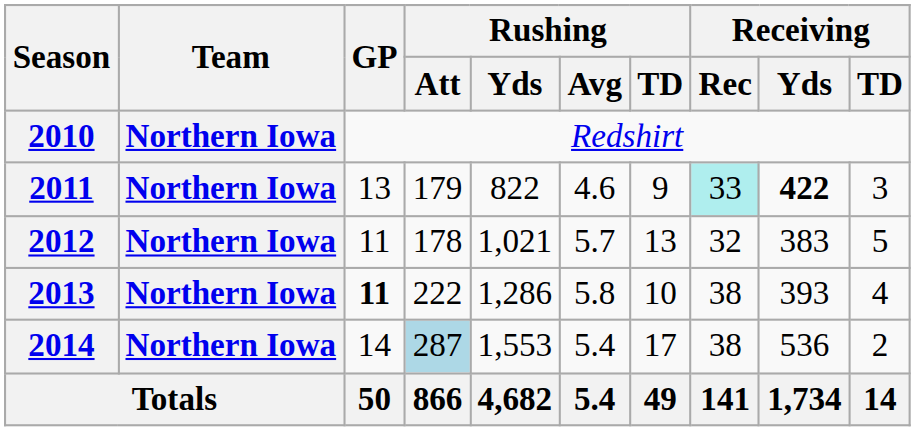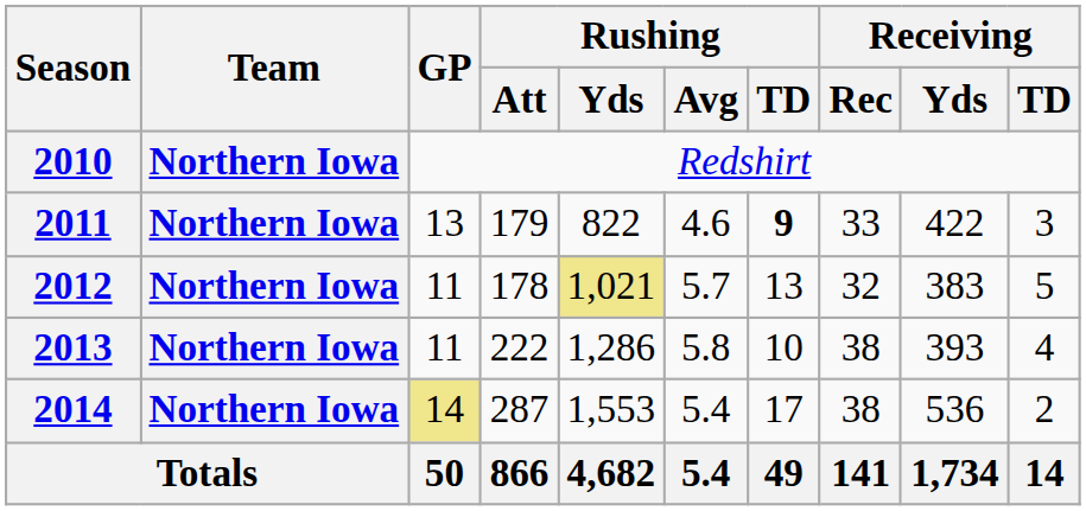 <table class="wikitable" style="text-align:center;">
 <tr>
 <th rowspan="2">Season</th>
 <th rowspan="2">Team</th>
 <th rowspan="2">GP</th>
 <th colspan="4">Rushing</th>
 <th colspan="3">Receiving</th>
 </tr>
 <tr>
 <th>Att</th>
 <th>Yds</th>
 <th>Avg</th>
 <th>TD</th>
 <th>Rec</th>
 <th>Yds</th>
 <th>TD</th>
 </tr>
 <tr>
 <th><a href='#'>2010</a></th>
 <th><a href='#'>Northern Iowa</a></th>
 <td colspan="8"> <em><a href='#'>Redshirt</a></em></td>
 </tr>
 <tr>
 <th><a href='#'>2011</a></th>
 <th><a href='#'>Northern Iowa</a></th>
 <td>13</td>
 <td>179</td>
 <td>822</td>
 <td>4.6</td>
-<td>9</td>
-<td style="background: paleturquoise;">33</td>
-<td><strong>422</strong></td>
+<td><strong>9</strong></td>
+<td>33</td>
+<td>422</td>
 <td>3</td>
 </tr>
 <tr>
 <th><a href='#'>2012</a></th>
 <th><a href='#'>Northern Iowa</a></th>
 <td>11</td>
 <td>178</td>
-<td>1,021</td>
+<td style="background: khaki;">1,021</td>
 <td>5.7</td>
 <td>13</td>
 <td>32</td>
 <td>383</td>
 <td>5</td>
 </tr>
 <tr>
 <th><a href='#'>2013</a></th>
 <th><a href='#'>Northern Iowa</a></th>
-<td><strong>11</strong></td>
+<td>11</td>
 <td>222</td>
 <td>1,286</td>
 <td>5.8</td>
 <td>10</td>
 <td>38</td>
 <td>393</td>
 <td>4</td>
 </tr>
 <tr>
 <th><a href='#'>2014</a></th>
 <th><a href='#'>Northern Iowa</a></th>
-<td>14</td>
-<td style="background: lightblue;">287</td>
+<td style="background: khaki;">14</td>
+<td>287</td>
 <td>1,553</td>
 <td>5.4</td>
 <td>17</td>
 <td>38</td>
 <td>536</td>
 <td>2</td>
 </tr>
 <tr>
 <th colspan="2">Totals</th>
 <th>50</th>
 <th>866</th>
 <th>4,682</th>
 <th>5.4</th>
 <th>49</th>
 <th>141</th>
 <th>1,734</th>
 <th>14</th>
 </tr>
 </table>
